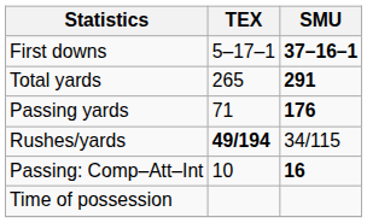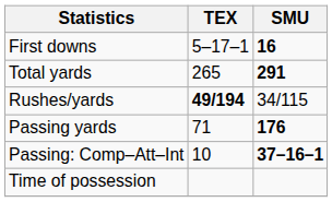 <table class="wikitable" style="float: left;">
 <tr>
 <th>Statistics</th>
 <th>TEX</th>
 <th>SMU</th>
 </tr>
 <tr>
 <td>First downs</td>
 <td>5–17–1</td>
-<td><strong>37–16–1</strong></td>
+<td><strong>16</strong></td>
 </tr>
 <tr>
 <td>Total yards</td>
 <td>265</td>
 <td><strong>291</strong></td>
 </tr>
 <tr>
+<td>Rushes/yards</td>
+<td><strong>49/194</strong></td>
+<td>34/115</td>
+</tr>
+<tr>
 <td>Passing yards</td>
 <td>71</td>
 <td><strong>176</strong></td>
 </tr>
 <tr>
-<td>Rushes/yards</td>
-<td><strong>49/194</strong></td>
-<td>34/115</td>
-</tr>
-<tr>
 <td>Passing: Comp–Att–Int</td>
 <td>10</td>
-<td><strong>16</strong></td>
+<td><strong>37–16–1</strong></td>
 </tr>
 <tr>
 <td>Time of possession</td>
 <td></td>
 <td></td>
 </tr>
 <tr>
 </tr>
 </table>
